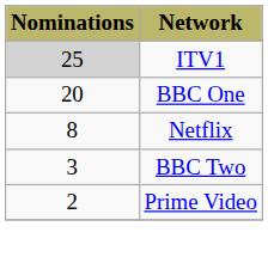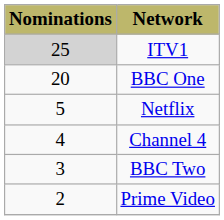 <table class="wikitable" style="text-align:center;">
 <tr>
 <th style="background:#BDB76B;">Nominations</th>
 <th style="background:#BDB76B;">Network</th>
 </tr>
 <tr>
 <td style="background: lightgrey;">25</td>
 <td><a href='#'>ITV1</a></td>
 </tr>
 <tr>
 <td>20</td>
 <td><a href='#'>BBC One</a></td>
 </tr>
 <tr>
-<td>8</td>
+<td>5</td>
 <td><a href='#'>Netflix</a></td>
+</tr>
+<tr>
+<td>4</td>
+<td><a href='#'>Channel 4</a></td>
 </tr>
 <tr>
 <td>3</td>
 <td><a href='#'>BBC Two</a></td>
 </tr>
 <tr>
 <td>2</td>
 <td><a href='#'>Prime Video</a></td>
 </tr>
 <tr>
 </tr>
 </table>
